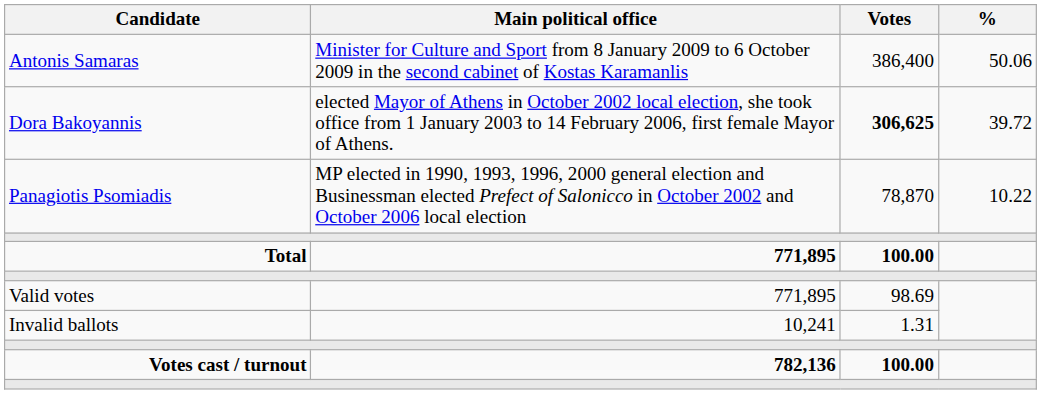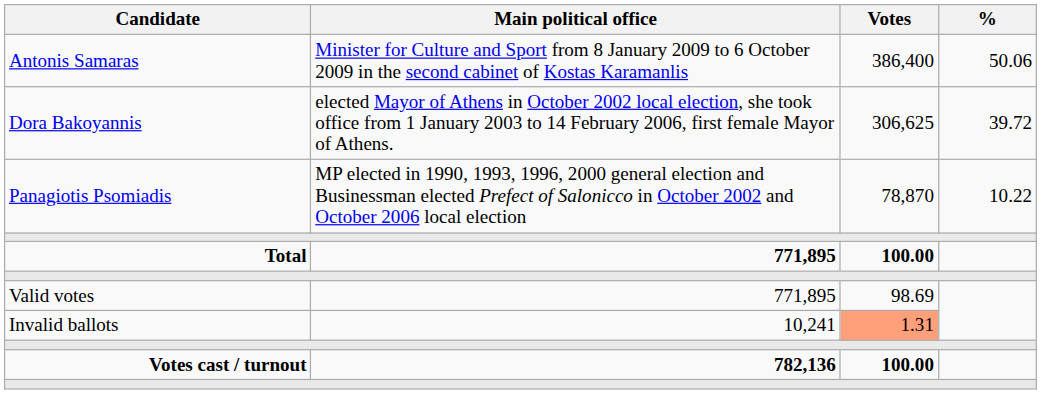 <table class="wikitable">
 <tr>
 <th width=250>Candidate</th>
 <th>Main political office</th>
 <th width=75>Votes</th>
 <th width=75>%</th>
 </tr>
 <tr>
 <td><a href='#'>Antonis Samaras</a></td>
 <td><a href='#'>Minister for Culture and Sport</a> from 8 January 2009 to 6 October 2009 in the <a href='#'>second cabinet</a> of <a href='#'>Kostas Karamanlis</a></td>
 <td align="right">386,400</td>
 <td align="right">50.06</td>
 </tr>
 <tr>
 <td><a href='#'>Dora Bakoyannis</a></td>
 <td>elected <a href='#'>Mayor of Athens</a> in <a href='#'>October 2002 local election</a>, she took office from 1 January 2003 to 14 February 2006, first female Mayor of Athens.</td>
-<td align="right"><strong>306,625</strong></td>
+<td align="right">306,625</td>
 <td align="right">39.72</td>
 </tr>
 <tr>
 <td><a href='#'>Panagiotis Psomiadis</a></td>
 <td>MP elected in 1990, 1993, 1996, 2000 general election and Businessman elected <em>Prefect of Salonicco</em> in <a href='#'>October 2002</a> and <a href='#'>October 2006</a> local election</td>
 <td align="right">78,870</td>
 <td align="right">10.22</td>
 </tr>
 <tr>
 <td colspan="7" bgcolor="#E9E9E9"></td>
 </tr>
 <tr align="right">
 <td><strong>Total</strong></td>
 <td><strong>771,895</strong></td>
 <td><strong>100.00</strong></td>
 </tr>
 <tr>
 <td colspan="7" bgcolor="#E9E9E9"></td>
 </tr>
 <tr>
 <td>Valid votes</td>
 <td align="right">771,895</td>
 <td align="right">98.69</td>
 </tr>
 <tr>
 <td>Invalid ballots</td>
 <td align="right">10,241</td>
-<td align="right">1.31</td>
+<td align="right" style="background: lightsalmon;">1.31</td>
 </tr>
 <tr>
 <td colspan="7" bgcolor="#E9E9E9"></td>
 </tr>
 <tr align="right">
 <td><strong>Votes cast / turnout</strong></td>
 <td><strong>782,136</strong></td>
 <td><strong>100.00</strong></td>
 </tr>
 <tr>
 <td colspan="7" bgcolor="#E9E9E9"></td>
 </tr>
 </table>
